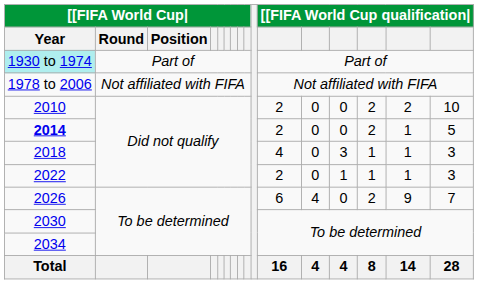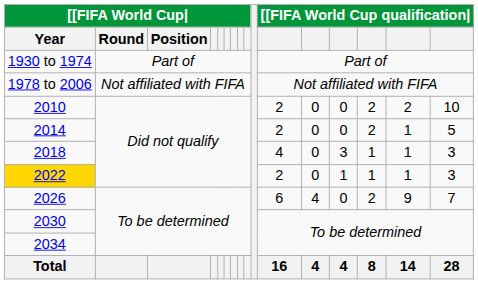 <table class="wikitable" style="text-align: center;">
 <tr>
 <th colspan=9 style="background:#009639; color:white; ">[[FIFA World Cup|</th>
 <th rowspan=41></th>
 <th colspan=7 style="background:#009639; color:white; ">[[FIFA World Cup qualification|</th>
 </tr>
 <tr>
 <th>Year</th>
 <th>Round</th>
 <th>Position</th>
 <th></th>
 <th></th>
 <th></th>
 <th></th>
 <th></th>
 <th></th>
 <th></th>
 <th></th>
 <th></th>
 <th></th>
 <th></th>
 <th></th>
 </tr>
 <tr>
-<td style="background: paleturquoise;"><a href='#'>1930</a> to <a href='#'>1974</a></td>
+<td><a href='#'>1930</a> to <a href='#'>1974</a></td>
 <td colspan=8><em>Part of </em></td>
 <td colspan=6><em>Part of </em></td>
 </tr>
 <tr>
 <td><a href='#'>1978</a> to <a href='#'>2006</a></td>
 <td colspan=8><em>Not affiliated with FIFA</em></td>
 <td colspan=6><em>Not affiliated with FIFA</em></td>
 </tr>
 <tr>
 <td> <a href='#'>2010</a></td>
 <td colspan=8 rowspan=4><em>Did not qualify</em></td>
 <td>2</td>
 <td>0</td>
 <td>0</td>
 <td>2</td>
 <td>2</td>
 <td>10</td>
 </tr>
 <tr>
-<td><strong> <a href='#'>2014</a></strong></td>
+<td> <a href='#'>2014</a></td>
 <td>2</td>
 <td>0</td>
 <td>0</td>
 <td>2</td>
 <td>1</td>
 <td>5</td>
 </tr>
 <tr>
 <td> <a href='#'>2018</a></td>
 <td>4</td>
 <td>0</td>
 <td>3</td>
 <td>1</td>
 <td>1</td>
 <td>3</td>
 </tr>
 <tr>
-<td> <a href='#'>2022</a></td>
+<td style="background: gold;"> <a href='#'>2022</a></td>
 <td>2</td>
 <td>0</td>
 <td>1</td>
 <td>1</td>
 <td>1</td>
 <td>3</td>
 </tr>
 <tr>
 <td>   <a href='#'>2026</a></td>
 <td colspan=8 rowspan=3><em>To be determined</em></td>
 <td>6</td>
 <td>4</td>
 <td>0</td>
 <td>2</td>
 <td>9</td>
 <td>7</td>
 </tr>
 <tr>
 <td>   <a href='#'>2030</a></td>
 <td colspan=6 rowspan=2><em>To be determined</em></td>
 </tr>
 <tr>
 <td> <a href='#'>2034</a></td>
 </tr>
 <tr>
 <th>Total</th>
 <th></th>
 <th></th>
 <th></th>
 <th></th>
 <th></th>
 <th></th>
 <th></th>
 <th></th>
 <th>16</th>
 <th>4</th>
 <th>4</th>
 <th>8</th>
 <th>14</th>
 <th>28</th>
 </tr>
 </table>
